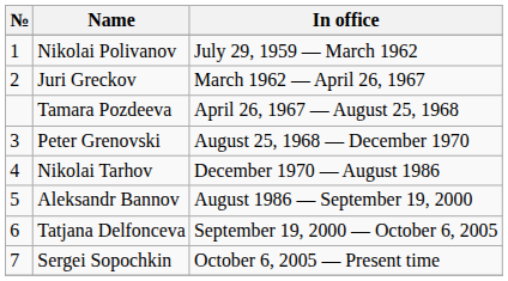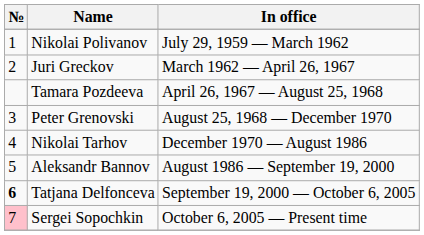 <table class="sortable wikitable">
 <tr bgcolor="#ececec" valign=top>
 <th>№</th>
 <th>Name</th>
 <th>In office</th>
 </tr>
 <tr class="sortbottom">
 </tr>
 <tr class="sortbottom">
 <td>1</td>
 <td>Nikolai Polivanov</td>
 <td>July 29, 1959 — March 1962</td>
 </tr>
 <tr class="sortbottom">
 <td>2</td>
 <td>Juri Greckov</td>
 <td>March 1962 — April 26, 1967</td>
 </tr>
 <tr class="sortbottom">
 <td></td>
 <td>Tamara Pozdeeva</td>
 <td>April 26, 1967 — August 25, 1968</td>
 </tr>
 <tr class="sortbottom">
 <td>3</td>
 <td>Peter Grenovski</td>
 <td>August 25, 1968 — December 1970</td>
 </tr>
 <tr class="sortbottom">
 <td>4</td>
 <td>Nikolai Tarhov</td>
 <td>December 1970 — August 1986</td>
 </tr>
 <tr class="sortbottom">
 <td>5</td>
 <td>Aleksandr Bannov</td>
 <td>August 1986 — September 19, 2000</td>
 </tr>
 <tr class="sortbottom">
-<td>6</td>
+<td><strong>6</strong></td>
 <td>Tatjana Delfonceva</td>
 <td>September 19, 2000 — October 6, 2005</td>
 </tr>
 <tr class="sortbottom">
-<td>7</td>
+<td style="background: pink;">7</td>
 <td>Sergei Sopochkin</td>
 <td>October 6, 2005 — Present time</td>
 </tr>
 <tr class="sortbottom">
 </tr>
 </table>
